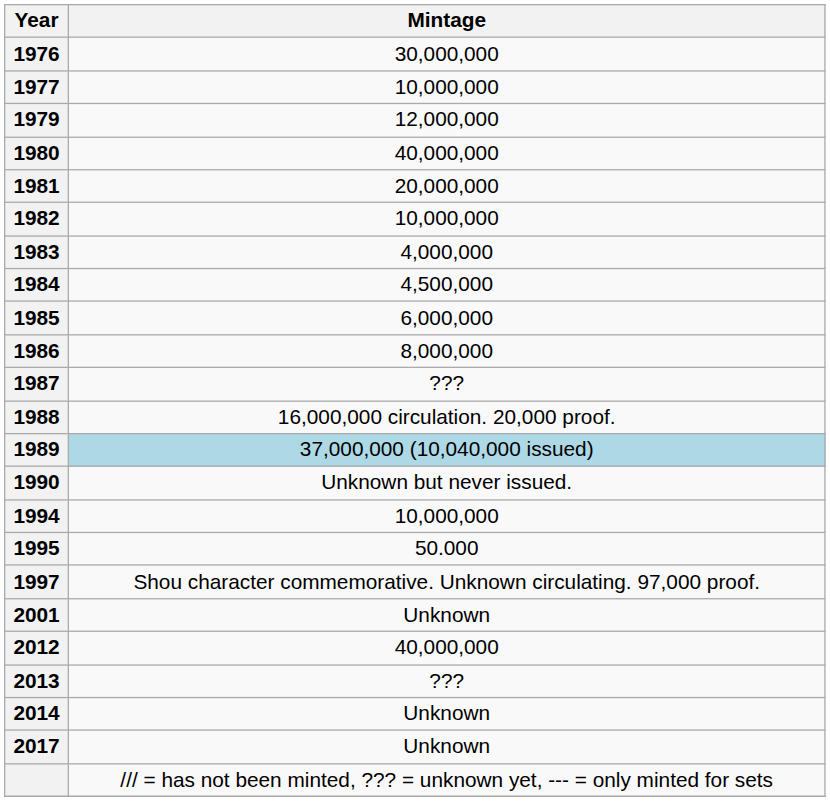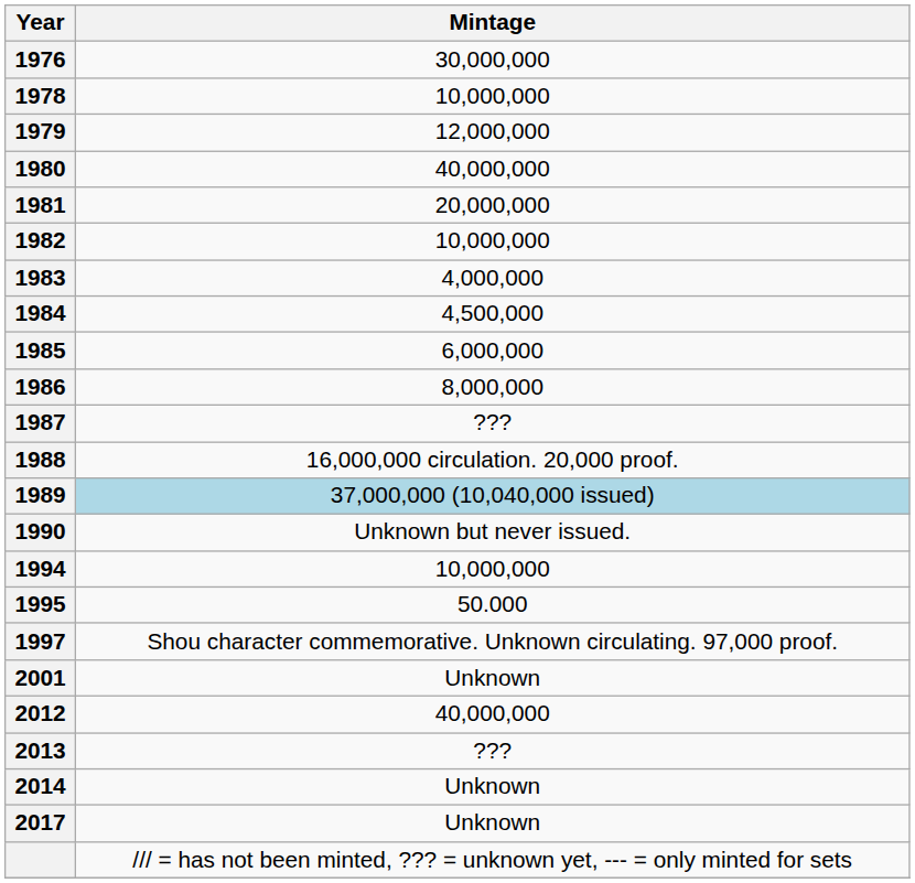 <table class="wikitable" style="width:50%;text-align:center">
 <tr>
 <th>Year </th>
 <th>Mintage</th>
 </tr>
 <tr>
 <th>1976</th>
 <td>30,000,000</td>
 </tr>
 <tr>
-<th>1977</th>
+<th>1978</th>
 <td>10,000,000</td>
 </tr>
 <tr>
 <th>1979</th>
 <td>12,000,000</td>
 </tr>
 <tr>
 <th>1980</th>
 <td>40,000,000</td>
 </tr>
 <tr>
 <th>1981</th>
 <td>20,000,000</td>
 </tr>
 <tr>
 <th>1982</th>
 <td>10,000,000</td>
 </tr>
 <tr>
 <th>1983</th>
 <td>4,000,000</td>
 </tr>
 <tr>
 <th>1984</th>
 <td>4,500,000</td>
 </tr>
 <tr>
 <th>1985</th>
 <td>6,000,000</td>
 </tr>
 <tr>
 <th>1986</th>
 <td>8,000,000</td>
 </tr>
 <tr>
 <th>1987</th>
 <td>???</td>
 </tr>
 <tr>
 <th>1988</th>
 <td>16,000,000 circulation. 20,000 proof.</td>
 </tr>
 <tr>
 <th>1989</th>
 <td style="background: lightblue;">37,000,000 (10,040,000 issued)</td>
 </tr>
 <tr>
 <th>1990</th>
 <td>Unknown but never issued.</td>
 </tr>
 <tr>
 <th>1994</th>
 <td>10,000,000</td>
 </tr>
 <tr>
 <th>1995</th>
 <td>50.000</td>
 </tr>
 <tr>
 <th>1997</th>
 <td>Shou character commemorative. Unknown circulating. 97,000 proof.</td>
 </tr>
 <tr>
 <th>2001</th>
 <td>Unknown</td>
 </tr>
 <tr>
 <th>2012</th>
 <td>40,000,000</td>
 </tr>
 <tr>
 <th>2013</th>
 <td>???</td>
 </tr>
 <tr>
 <th>2014</th>
 <td>Unknown</td>
 </tr>
 <tr>
 <th>2017</th>
 <td>Unknown</td>
 </tr>
 <tr>
 <th></th>
 <td>/// = has not been minted, ??? = unknown yet, --- = only minted for sets</td>
 </tr>
 <tr>
 </tr>
 </table>
